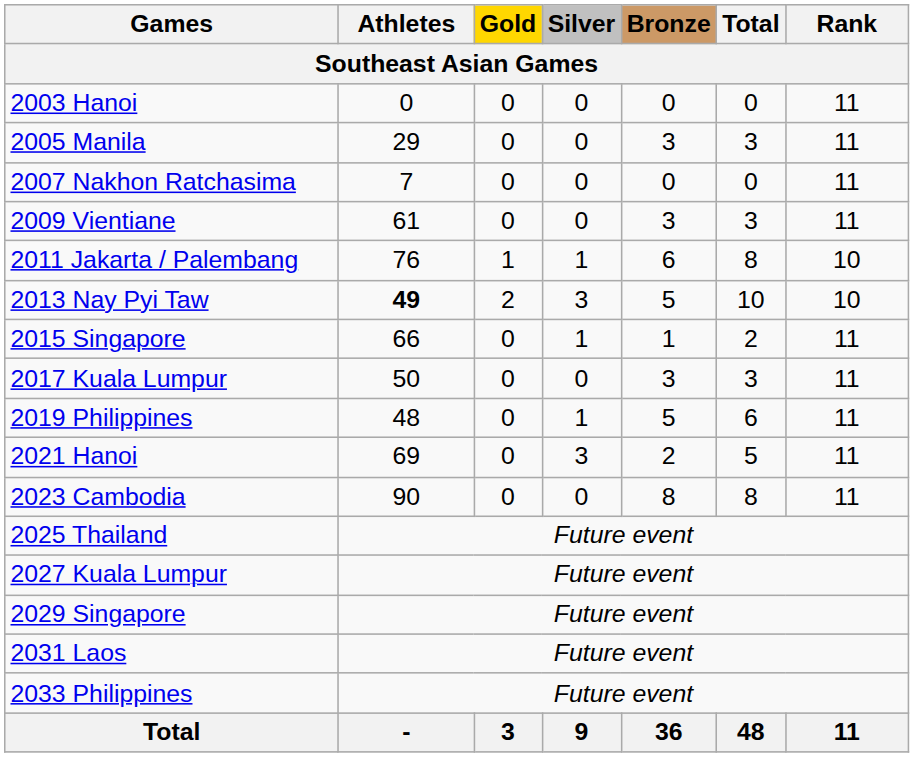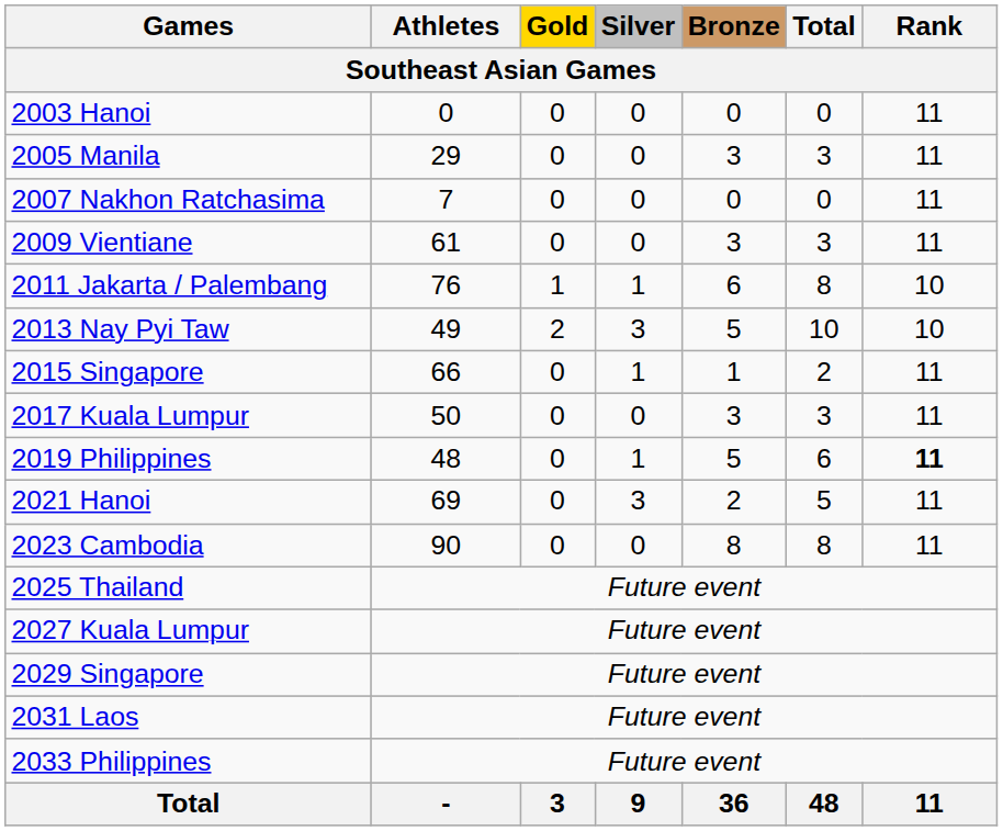 <table class="wikitable sortable plainrowheaders" border="1" style="text-align:center;">
 <tr>
 <th scope="col" style="width:13em;">Games</th>
 <th scope="col" style="width:5em;">Athletes</th>
 <th scope="col" style="background-color:gold; font-weight:bold;">Gold</th>
 <th scope="col" style="background-color:silver; font-weight:bold;">Silver</th>
 <th scope="col" style="background-color:#cc9966; font-weight:bold;">Bronze</th>
 <th scope="col">Total</th>
 <th style="width:4.5em; font-weight:bold;">Rank</th>
 </tr>
 <tr>
 <th colspan=7><strong>Southeast Asian Games</strong></th>
 </tr>
 <tr>
 <td align=left> <a href='#'>2003 Hanoi</a></td>
 <td>0</td>
 <td>0</td>
 <td>0</td>
 <td>0</td>
 <td>0</td>
 <td>11</td>
 </tr>
 <tr>
 <td align=left> <a href='#'>2005 Manila</a></td>
 <td>29</td>
 <td>0</td>
 <td>0</td>
 <td>3</td>
 <td>3</td>
 <td>11</td>
 </tr>
 <tr>
 <td align=left> <a href='#'>2007 Nakhon Ratchasima</a></td>
 <td>7</td>
 <td>0</td>
 <td>0</td>
 <td>0</td>
 <td>0</td>
 <td>11</td>
 </tr>
 <tr>
 <td align=left> <a href='#'>2009 Vientiane</a></td>
 <td>61</td>
 <td>0</td>
 <td>0</td>
 <td>3</td>
 <td>3</td>
 <td>11</td>
 </tr>
 <tr>
 <td align=left> <a href='#'>2011 Jakarta / Palembang</a></td>
 <td>76</td>
 <td>1</td>
 <td>1</td>
 <td>6</td>
 <td>8</td>
 <td>10</td>
 </tr>
 <tr>
 <td align=left> <a href='#'>2013 Nay Pyi Taw</a></td>
-<td><strong>49</strong></td>
+<td>49</td>
 <td>2</td>
 <td>3</td>
 <td>5</td>
 <td>10</td>
 <td>10</td>
 </tr>
 <tr>
 <td align=left> <a href='#'>2015 Singapore</a></td>
 <td>66</td>
 <td>0</td>
 <td>1</td>
 <td>1</td>
 <td>2</td>
 <td>11</td>
 </tr>
 <tr>
 <td align=left> <a href='#'>2017 Kuala Lumpur</a></td>
 <td>50</td>
 <td>0</td>
 <td>0</td>
 <td>3</td>
 <td>3</td>
 <td>11</td>
 </tr>
 <tr>
 <td align=left> <a href='#'>2019 Philippines</a></td>
 <td>48</td>
 <td>0</td>
 <td>1</td>
 <td>5</td>
 <td>6</td>
-<td>11</td>
+<td><strong>11</strong></td>
 </tr>
 <tr>
 <td align=left> <a href='#'>2021 Hanoi</a></td>
 <td>69</td>
 <td>0</td>
 <td>3</td>
 <td>2</td>
 <td>5</td>
 <td>11</td>
 </tr>
 <tr>
 <td align=left> <a href='#'>2023 Cambodia</a></td>
 <td>90</td>
 <td>0</td>
 <td>0</td>
 <td>8</td>
 <td>8</td>
 <td>11</td>
 </tr>
 <tr>
 <td align=left> <a href='#'>2025 Thailand</a></td>
 <td colspan=6><em>Future event</em></td>
 </tr>
 <tr>
 <td align=left> <a href='#'>2027 Kuala Lumpur</a></td>
 <td colspan=7><em>Future event</em></td>
 </tr>
 <tr>
 <td align=left> <a href='#'>2029 Singapore</a></td>
 <td colspan=7><em>Future event</em></td>
 </tr>
 <tr>
 <td align=left> <a href='#'>2031 Laos</a></td>
 <td colspan=7><em>Future event</em></td>
 </tr>
 <tr>
 <td align=left> <a href='#'>2033 Philippines</a></td>
 <td colspan=7><em>Future event</em></td>
 </tr>
 <tr>
 <th>Total</th>
 <th>-</th>
 <th>3</th>
 <th>9</th>
 <th>36</th>
 <th>48</th>
 <th>11</th>
 </tr>
 </table>
